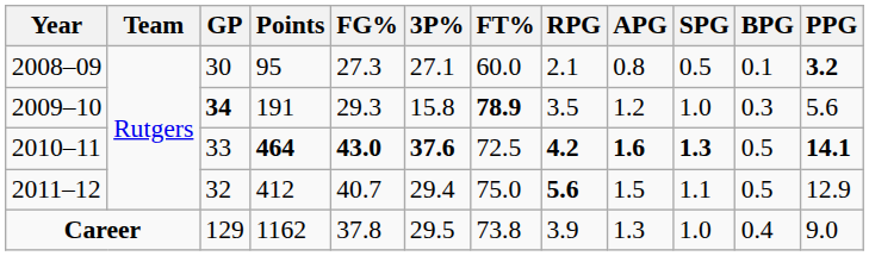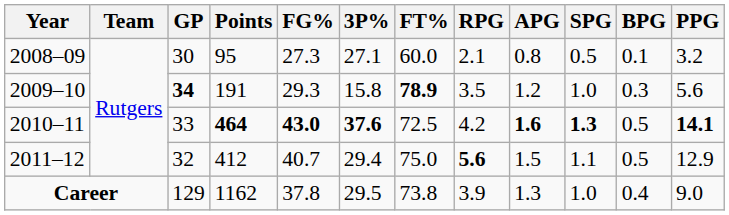 <table class="wikitable sortable">
 <tr>
 <th>Year</th>
 <th>Team</th>
 <th>GP</th>
 <th>Points</th>
 <th>FG%</th>
 <th>3P%</th>
 <th>FT%</th>
 <th>RPG</th>
 <th>APG</th>
 <th>SPG</th>
 <th>BPG</th>
 <th>PPG</th>
 </tr>
 <tr>
 <td>2008–09</td>
 <td rowspan=4><a href='#'>Rutgers</a></td>
 <td>30</td>
 <td>95</td>
 <td>27.3</td>
 <td>27.1</td>
 <td>60.0</td>
 <td>2.1</td>
 <td>0.8</td>
 <td>0.5</td>
 <td>0.1</td>
-<td><strong>3.2</strong></td>
+<td>3.2</td>
 </tr>
 <tr>
 <td>2009–10</td>
 <td><strong>34</strong></td>
 <td>191</td>
 <td>29.3</td>
 <td>15.8</td>
 <td><strong>78.9</strong></td>
 <td>3.5</td>
 <td>1.2</td>
 <td>1.0</td>
 <td>0.3</td>
 <td>5.6</td>
 </tr>
 <tr>
 <td>2010–11</td>
 <td>33</td>
 <td><strong>464</strong></td>
 <td><strong>43.0</strong></td>
 <td><strong>37.6</strong></td>
 <td>72.5</td>
-<td><strong>4.2</strong></td>
+<td>4.2</td>
 <td><strong>1.6</strong></td>
 <td><strong>1.3</strong></td>
 <td>0.5</td>
 <td><strong>14.1</strong></td>
 </tr>
 <tr>
 <td>2011–12</td>
 <td>32</td>
 <td>412</td>
 <td>40.7</td>
 <td>29.4</td>
 <td>75.0</td>
 <td><strong>5.6</strong></td>
 <td>1.5</td>
 <td>1.1</td>
 <td>0.5</td>
 <td>12.9</td>
 </tr>
 <tr class="sortbottom">
 <td colspan=2 align=center><strong>Career</strong></td>
 <td>129</td>
 <td>1162</td>
 <td>37.8</td>
 <td>29.5</td>
 <td>73.8</td>
 <td>3.9</td>
 <td>1.3</td>
 <td>1.0</td>
 <td>0.4</td>
 <td>9.0</td>
 </tr>
 </table>
